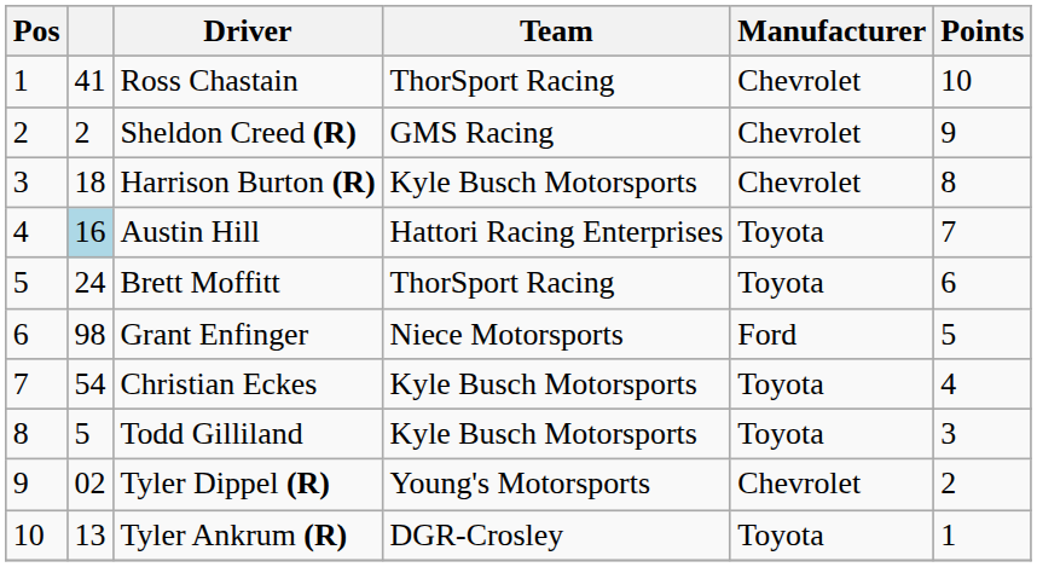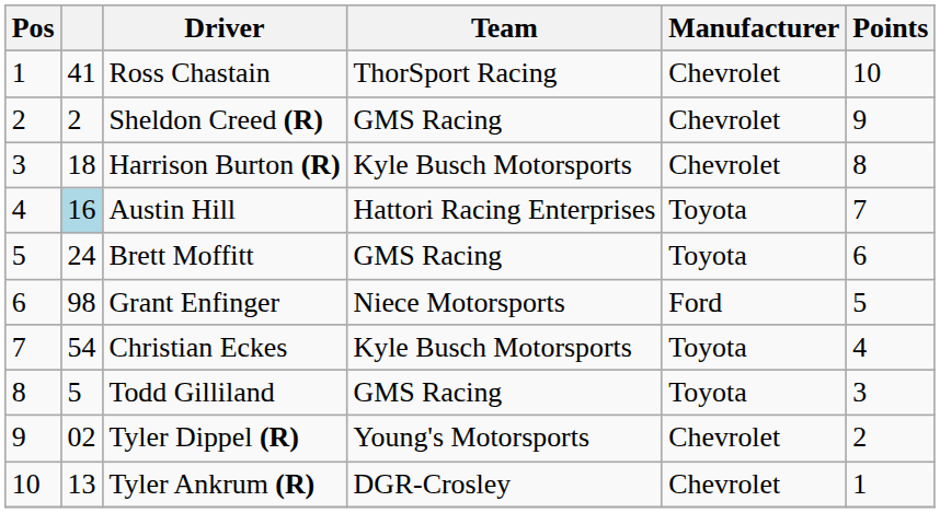 <table class="wikitable" style="font-size:98%">
 <tr>
 <th>Pos</th>
 <th></th>
 <th>Driver</th>
 <th>Team</th>
 <th>Manufacturer</th>
 <th>Points</th>
 </tr>
 <tr>
 <td>1</td>
 <td>41</td>
 <td>Ross Chastain</td>
 <td>ThorSport Racing</td>
 <td>Chevrolet</td>
 <td>10</td>
 </tr>
 <tr>
 <td>2</td>
 <td>2</td>
 <td>Sheldon Creed <strong>(R)</strong></td>
 <td>GMS Racing</td>
 <td>Chevrolet</td>
 <td>9</td>
 </tr>
 <tr>
 <td>3</td>
 <td>18</td>
 <td>Harrison Burton <strong>(R)</strong></td>
 <td>Kyle Busch Motorsports</td>
 <td>Chevrolet</td>
 <td>8</td>
 </tr>
 <tr>
 <td>4</td>
 <td style="background: lightblue;">16</td>
 <td>Austin Hill</td>
 <td>Hattori Racing Enterprises</td>
 <td>Toyota</td>
 <td>7</td>
 </tr>
 <tr>
 <td>5</td>
 <td>24</td>
 <td>Brett Moffitt</td>
-<td>ThorSport Racing</td>
+<td>GMS Racing</td>
 <td>Toyota</td>
 <td>6</td>
 </tr>
 <tr>
 <td>6</td>
 <td>98</td>
 <td>Grant Enfinger</td>
 <td>Niece Motorsports</td>
 <td>Ford</td>
 <td>5</td>
 </tr>
 <tr>
 <td>7</td>
 <td>54</td>
 <td>Christian Eckes</td>
 <td>Kyle Busch Motorsports</td>
 <td>Toyota</td>
 <td>4</td>
 </tr>
 <tr>
 <td>8</td>
 <td>5</td>
 <td>Todd Gilliland</td>
-<td>Kyle Busch Motorsports</td>
+<td>GMS Racing</td>
 <td>Toyota</td>
 <td>3</td>
 </tr>
 <tr>
 <td>9</td>
 <td>02</td>
 <td>Tyler Dippel <strong>(R)</strong></td>
 <td>Young's Motorsports</td>
 <td>Chevrolet</td>
 <td>2</td>
 </tr>
 <tr>
 <td>10</td>
 <td>13</td>
 <td>Tyler Ankrum <strong>(R)</strong></td>
 <td>DGR-Crosley</td>
-<td>Toyota</td>
+<td>Chevrolet</td>
 <td>1</td>
 </tr>
 <tr>
 </tr>
 </table>
